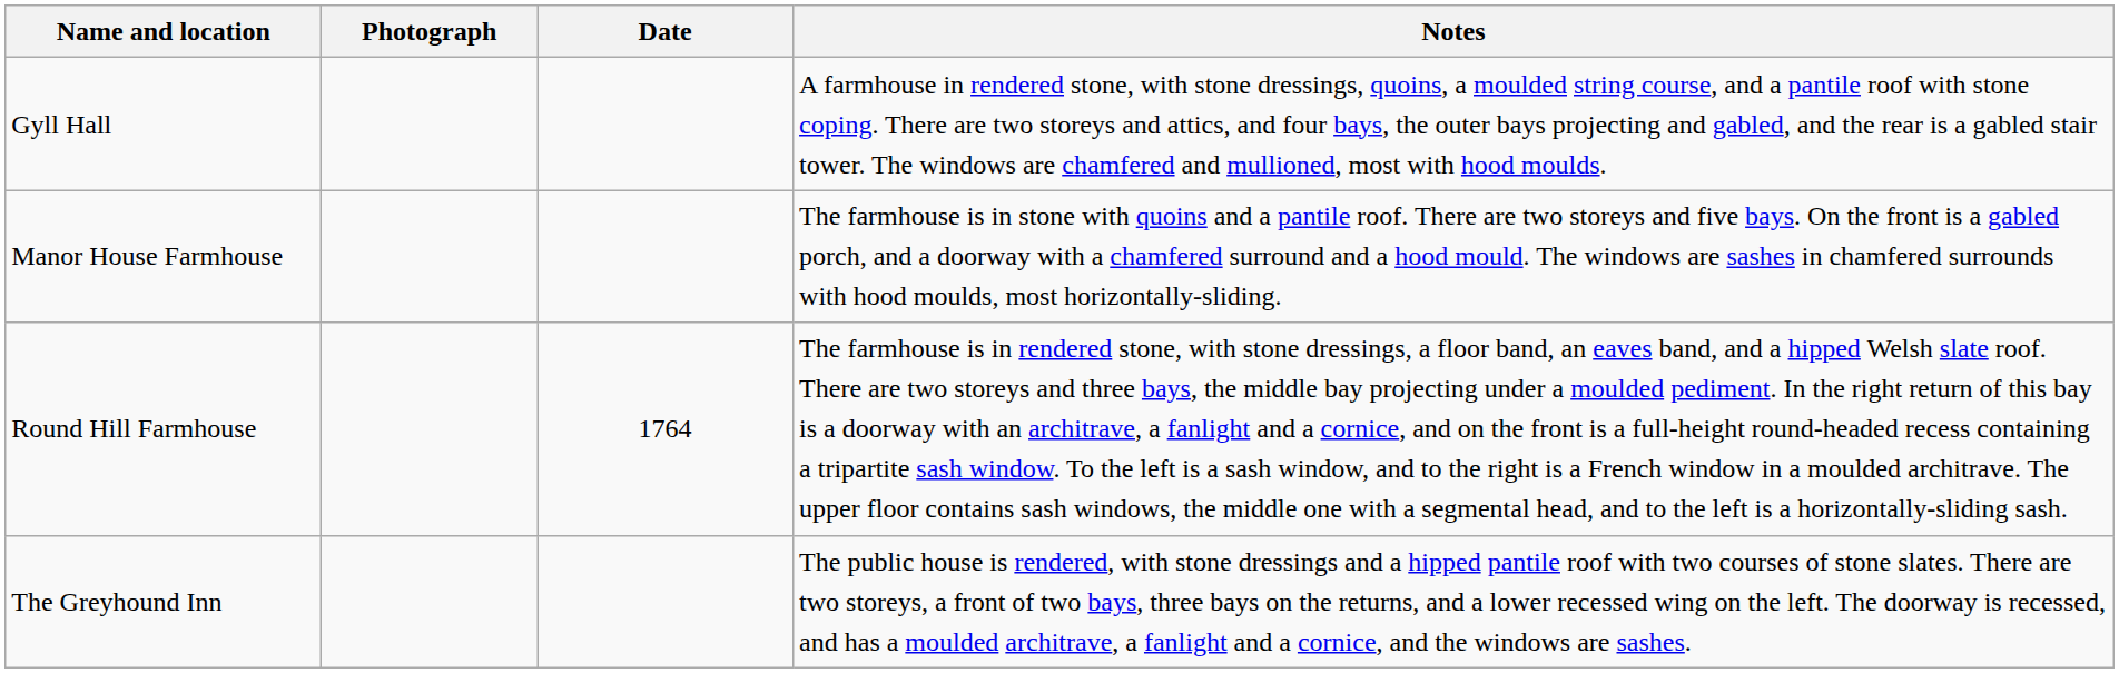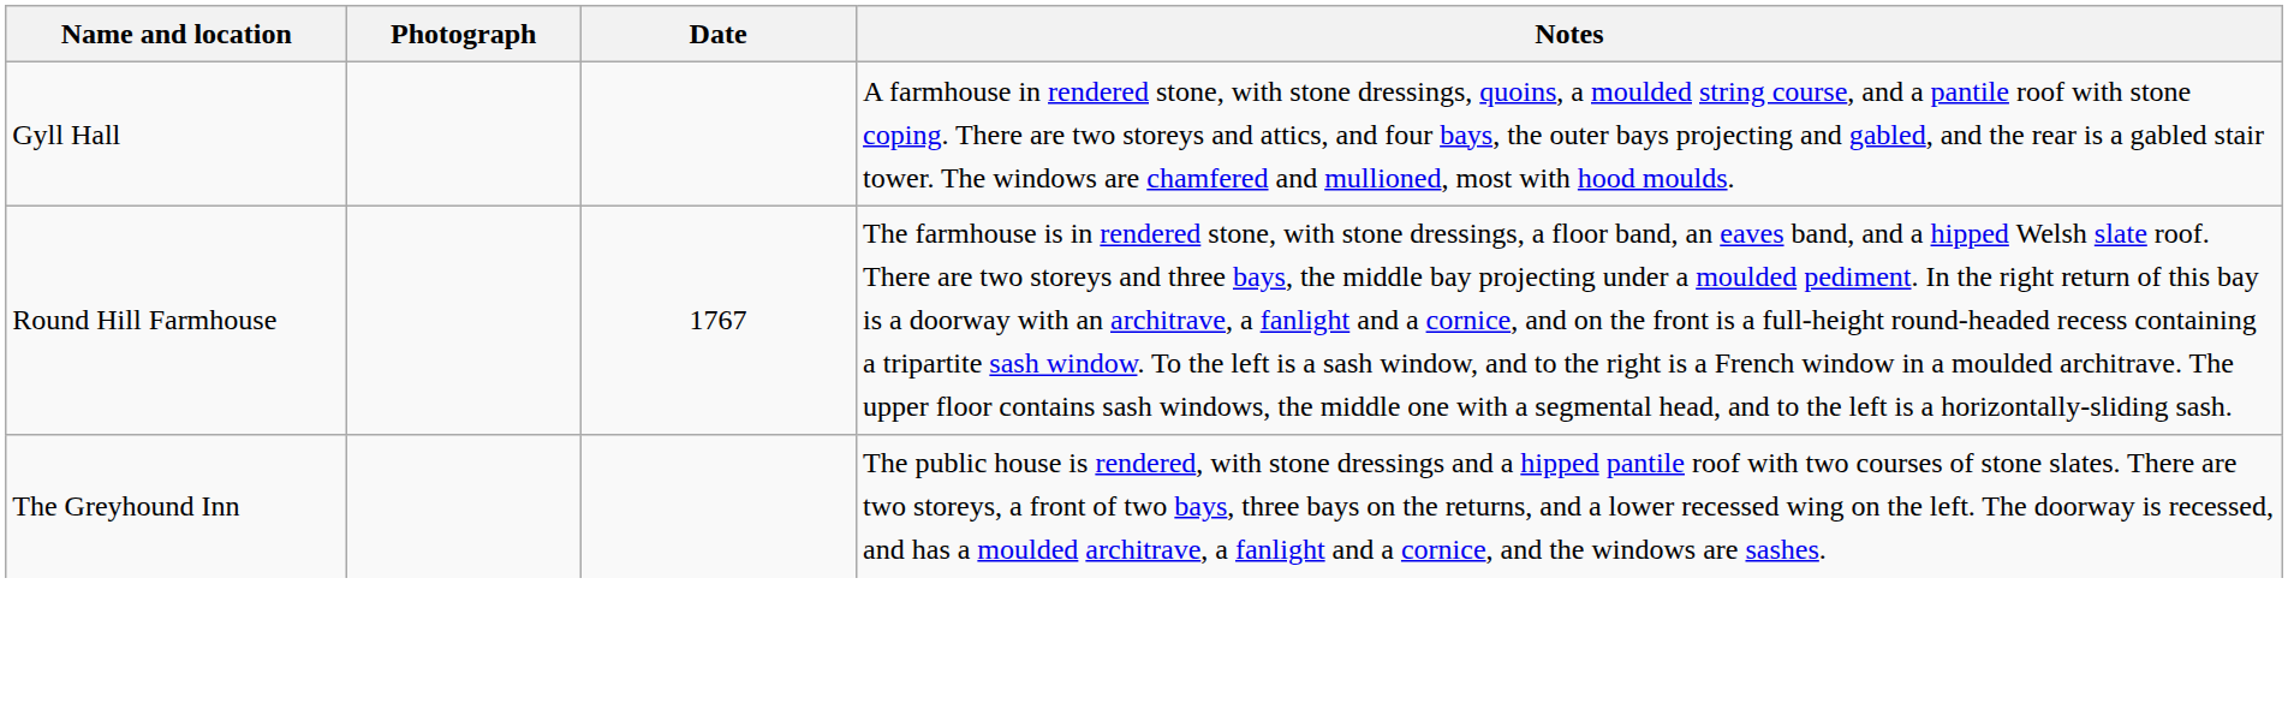 <table class="wikitable sortable plainrowheaders" style="width:100%;border:0px;text-align:left;line-height:150%;">
 <tr>
 <th scope="col"  style="width:150px">Name and location</th>
 <th scope="col"  style="width:100px" class="unsortable">Photograph</th>
 <th scope="col"  style="width:120px">Date</th>
 <th scope="col"  style="width:650px" class="unsortable">Notes</th>
 </tr>
 <tr>
 <td>Gyll Hall<br><small></small></td>
 <td></td>
 <td align="center"></td>
 <td>A farmhouse in <a href='#'>rendered</a> stone, with stone dressings, <a href='#'>quoins</a>, a <a href='#'>moulded</a> <a href='#'>string course</a>, and a <a href='#'>pantile</a> roof with stone <a href='#'>coping</a>.  There are two storeys and attics, and four <a href='#'>bays</a>, the outer bays projecting and <a href='#'>gabled</a>, and the rear is a gabled stair tower.  The windows are <a href='#'>chamfered</a> and <a href='#'>mullioned</a>, most with <a href='#'>hood moulds</a>.</td>
 </tr>
 <tr>
-<td>Manor House Farmhouse<br><small></small></td>
-<td></td>
-<td align="center"></td>
-<td>The farmhouse is in stone with <a href='#'>quoins</a> and a <a href='#'>pantile</a> roof.  There are two storeys and five <a href='#'>bays</a>.  On the front is a <a href='#'>gabled</a> porch, and a doorway with a <a href='#'>chamfered</a> surround and a <a href='#'>hood mould</a>.  The windows are <a href='#'>sashes</a> in chamfered surrounds with hood moulds, most horizontally-sliding.</td>
-</tr>
-<tr>
 <td>Round Hill Farmhouse<br><small></small></td>
 <td></td>
-<td align="center">1764</td>
+<td align="center">1767</td>
 <td>The farmhouse is in <a href='#'>rendered</a> stone, with stone dressings, a floor band, an <a href='#'>eaves</a> band, and a <a href='#'>hipped</a> Welsh <a href='#'>slate</a> roof.  There are two storeys and three <a href='#'>bays</a>, the middle bay projecting under a <a href='#'>moulded</a> <a href='#'>pediment</a>.  In the right return of this bay is a doorway with an <a href='#'>architrave</a>, a <a href='#'>fanlight</a> and a <a href='#'>cornice</a>, and on the front is a full-height round-headed recess containing a tripartite <a href='#'>sash window</a>.  To the left is a sash window, and to the right is a French window in a moulded architrave.  The upper floor contains sash windows, the middle one with a segmental head, and to the left is a horizontally-sliding sash.</td>
 </tr>
 <tr>
 <td>The Greyhound Inn<br><small></small></td>
 <td></td>
 <td align="center"></td>
 <td>The public house is <a href='#'>rendered</a>, with stone dressings and a <a href='#'>hipped</a> <a href='#'>pantile</a> roof with two courses of stone slates.  There are two storeys, a front of two <a href='#'>bays</a>, three bays on the returns, and a lower recessed wing on the left.  The doorway is recessed, and has a <a href='#'>moulded</a> <a href='#'>architrave</a>, a <a href='#'>fanlight</a> and a <a href='#'>cornice</a>, and the windows are <a href='#'>sashes</a>.</td>
 </tr>
 <tr>
 </tr>
 </table>
